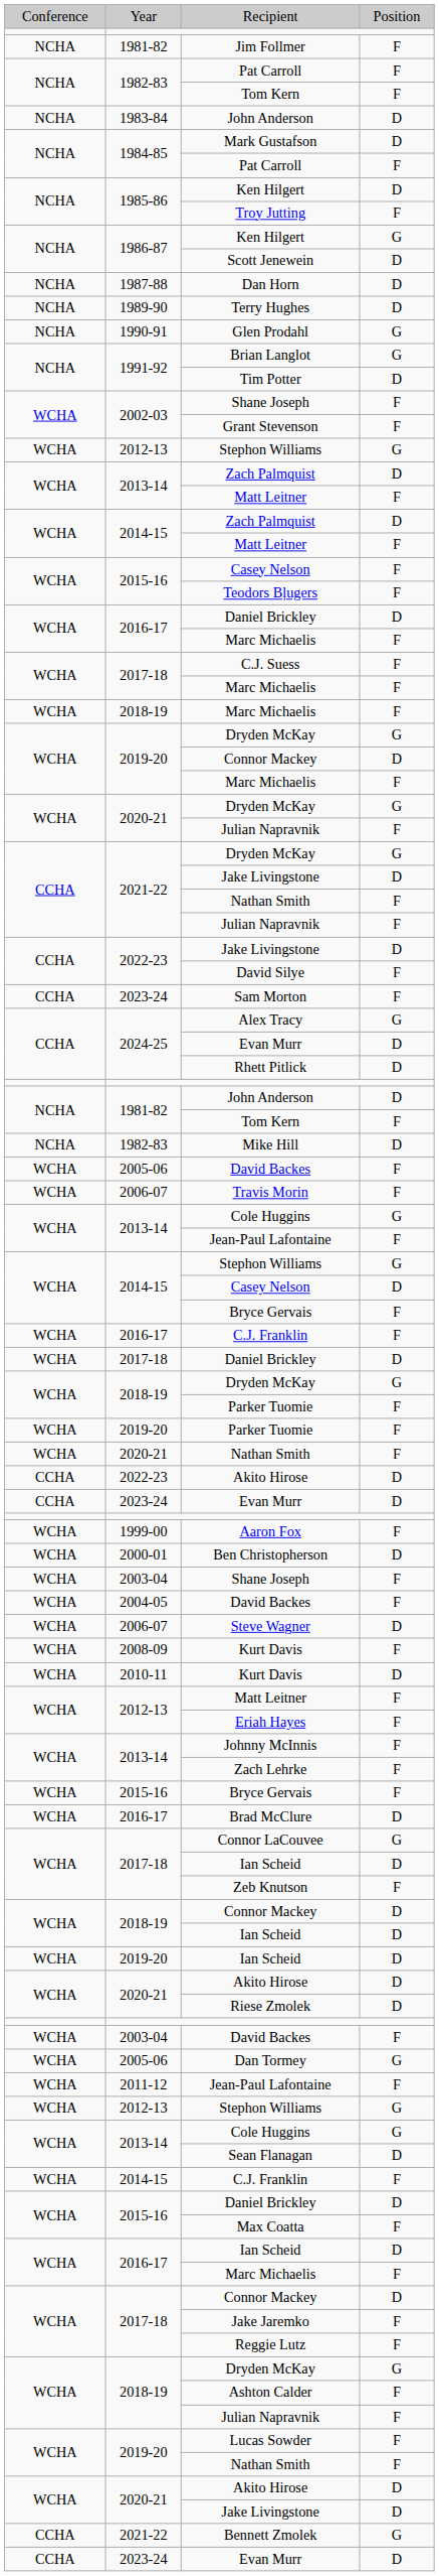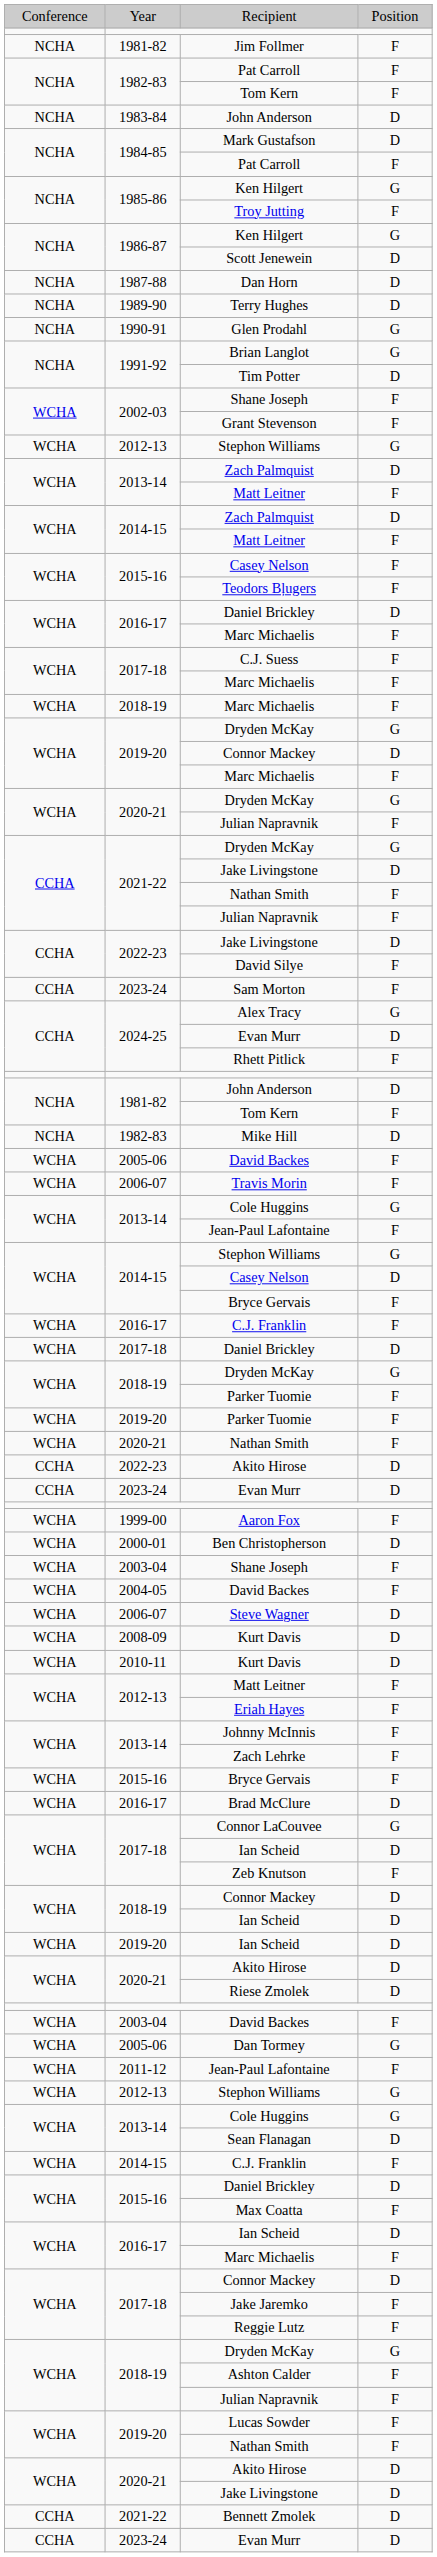 <table class="wikitable"; style="text-align:center; font-size: 95%; width:30em">
 <tr>
 <td style="background:#cccccc;">Conference</td>
 <td style="background:#cccccc;">Year</td>
 <td style="background:#cccccc;">Recipient</td>
 <td style="background:#cccccc;">Position</td>
 </tr>
 <tr>
 <td></td>
 </tr>
 <tr>
 <td>NCHA</td>
 <td>1981-82</td>
 <td>Jim Follmer</td>
 <td>F</td>
 </tr>
 <tr>
 <td rowspan="2">NCHA</td>
 <td rowspan="2">1982-83</td>
 <td>Pat Carroll</td>
 <td>F</td>
 </tr>
 <tr>
 <td>Tom Kern</td>
 <td>F</td>
 </tr>
 <tr>
 <td>NCHA</td>
 <td>1983-84</td>
 <td>John Anderson</td>
 <td>D</td>
 </tr>
 <tr>
 <td rowspan="2">NCHA</td>
 <td rowspan="2">1984-85</td>
 <td>Mark Gustafson</td>
 <td>D</td>
 </tr>
 <tr>
 <td>Pat Carroll</td>
 <td>F</td>
 </tr>
 <tr>
 <td rowspan="2">NCHA</td>
 <td rowspan="2">1985-86</td>
 <td>Ken Hilgert</td>
-<td>D</td>
+<td>G</td>
 </tr>
 <tr>
 <td><a href='#'>Troy Jutting</a></td>
 <td>F</td>
 </tr>
 <tr>
 <td rowspan="2">NCHA</td>
 <td rowspan="2">1986-87</td>
 <td>Ken Hilgert</td>
 <td>G</td>
 </tr>
 <tr>
 <td>Scott Jenewein</td>
 <td>D</td>
 </tr>
 <tr>
 <td>NCHA</td>
 <td>1987-88</td>
 <td>Dan Horn</td>
 <td>D</td>
 </tr>
 <tr>
 <td>NCHA</td>
 <td>1989-90</td>
 <td>Terry Hughes</td>
 <td>D</td>
 </tr>
 <tr>
 <td>NCHA</td>
 <td>1990-91</td>
 <td>Glen Prodahl</td>
 <td>G</td>
 </tr>
 <tr>
 <td rowspan="2">NCHA</td>
 <td rowspan="2">1991-92</td>
 <td>Brian Langlot</td>
 <td>G</td>
 </tr>
 <tr>
 <td>Tim Potter</td>
 <td>D</td>
 </tr>
 <tr>
 <td rowspan="2"><a href='#'>WCHA</a></td>
 <td rowspan="2">2002-03</td>
 <td>Shane Joseph</td>
 <td>F</td>
 </tr>
 <tr>
 <td>Grant Stevenson</td>
 <td>F</td>
 </tr>
 <tr>
 <td>WCHA</td>
 <td>2012-13</td>
 <td>Stephon Williams</td>
 <td>G</td>
 </tr>
 <tr>
 <td rowspan="2">WCHA</td>
 <td rowspan="2">2013-14</td>
 <td><a href='#'>Zach Palmquist</a></td>
 <td>D</td>
 </tr>
 <tr>
 <td><a href='#'>Matt Leitner</a></td>
 <td>F</td>
 </tr>
 <tr>
 <td rowspan="2">WCHA</td>
 <td rowspan="2">2014-15</td>
 <td><a href='#'>Zach Palmquist</a></td>
 <td>D</td>
 </tr>
 <tr>
 <td><a href='#'>Matt Leitner</a></td>
 <td>F</td>
 </tr>
 <tr>
 <td rowspan="2">WCHA</td>
 <td rowspan="2">2015-16</td>
 <td><a href='#'>Casey Nelson</a></td>
 <td>F</td>
 </tr>
 <tr>
 <td><a href='#'>Teodors Bļugers</a></td>
 <td>F</td>
 </tr>
 <tr>
 <td rowspan="2">WCHA</td>
 <td rowspan="2">2016-17</td>
 <td>Daniel Brickley</td>
 <td>D</td>
 </tr>
 <tr>
 <td>Marc Michaelis</td>
 <td>F</td>
 </tr>
 <tr>
 <td rowspan="2">WCHA</td>
 <td rowspan="2">2017-18</td>
 <td>C.J. Suess</td>
 <td>F</td>
 </tr>
 <tr>
 <td>Marc Michaelis</td>
 <td>F</td>
 </tr>
 <tr>
 <td>WCHA</td>
 <td>2018-19</td>
 <td>Marc Michaelis</td>
 <td>F</td>
 </tr>
 <tr>
 <td rowspan="3">WCHA</td>
 <td rowspan="3">2019-20</td>
 <td>Dryden McKay</td>
 <td>G</td>
 </tr>
 <tr>
 <td>Connor Mackey</td>
 <td>D</td>
 </tr>
 <tr>
 <td>Marc Michaelis</td>
 <td>F</td>
 </tr>
 <tr>
 <td rowspan="2">WCHA</td>
 <td rowspan="2">2020-21</td>
 <td>Dryden McKay</td>
 <td>G</td>
 </tr>
 <tr>
 <td>Julian Napravnik</td>
 <td>F</td>
 </tr>
 <tr>
 <td rowspan="4"><a href='#'>CCHA</a></td>
 <td rowspan="4">2021-22</td>
 <td>Dryden McKay</td>
 <td>G</td>
 </tr>
 <tr>
 <td>Jake Livingstone</td>
 <td>D</td>
 </tr>
 <tr>
 <td>Nathan Smith</td>
 <td>F</td>
 </tr>
 <tr>
 <td>Julian Napravnik</td>
 <td>F</td>
 </tr>
 <tr>
 <td rowspan="2">CCHA</td>
 <td rowspan="2">2022-23</td>
 <td>Jake Livingstone</td>
 <td>D</td>
 </tr>
 <tr>
 <td>David Silye</td>
 <td>F</td>
 </tr>
 <tr>
 <td>CCHA</td>
 <td>2023-24</td>
 <td>Sam Morton</td>
 <td>F</td>
 </tr>
 <tr>
 <td rowspan="3">CCHA</td>
 <td rowspan="3">2024-25</td>
 <td>Alex Tracy</td>
 <td>G</td>
 </tr>
 <tr>
 <td>Evan Murr</td>
 <td>D</td>
 </tr>
 <tr>
 <td>Rhett Pitlick</td>
-<td>D</td>
+<td>F</td>
 </tr>
 <tr>
 <td></td>
 </tr>
 <tr>
 <td rowspan="2">NCHA</td>
 <td rowspan="2">1981-82</td>
 <td>John Anderson</td>
 <td>D</td>
 </tr>
 <tr>
 <td>Tom Kern</td>
 <td>F</td>
 </tr>
 <tr>
 <td>NCHA</td>
 <td>1982-83</td>
 <td>Mike Hill</td>
 <td>D</td>
 </tr>
 <tr>
 <td>WCHA</td>
 <td>2005-06</td>
 <td><a href='#'>David Backes</a></td>
 <td>F</td>
 </tr>
 <tr>
 <td>WCHA</td>
 <td>2006-07</td>
 <td><a href='#'>Travis Morin</a></td>
 <td>F</td>
 </tr>
 <tr>
 <td rowspan="2">WCHA</td>
 <td rowspan="2">2013-14</td>
 <td>Cole Huggins</td>
 <td>G</td>
 </tr>
 <tr>
 <td>Jean-Paul Lafontaine</td>
 <td>F</td>
 </tr>
 <tr>
 <td rowspan="3">WCHA</td>
 <td rowspan="3">2014-15</td>
 <td>Stephon Williams</td>
 <td>G</td>
 </tr>
 <tr>
 <td><a href='#'>Casey Nelson</a></td>
 <td>D</td>
 </tr>
 <tr>
 <td>Bryce Gervais</td>
 <td>F</td>
 </tr>
 <tr>
 <td>WCHA</td>
 <td>2016-17</td>
 <td><a href='#'>C.J. Franklin</a></td>
 <td>F</td>
 </tr>
 <tr>
 <td>WCHA</td>
 <td>2017-18</td>
 <td>Daniel Brickley</td>
 <td>D</td>
 </tr>
 <tr>
 <td rowspan="2">WCHA</td>
 <td rowspan="2">2018-19</td>
 <td>Dryden McKay</td>
 <td>G</td>
 </tr>
 <tr>
 <td>Parker Tuomie</td>
 <td>F</td>
 </tr>
 <tr>
 <td>WCHA</td>
 <td>2019-20</td>
 <td>Parker Tuomie</td>
 <td>F</td>
 </tr>
 <tr>
 <td>WCHA</td>
 <td>2020-21</td>
 <td>Nathan Smith</td>
 <td>F</td>
 </tr>
 <tr>
 <td>CCHA</td>
 <td>2022-23</td>
 <td>Akito Hirose</td>
 <td>D</td>
 </tr>
 <tr>
 <td>CCHA</td>
 <td>2023-24</td>
 <td>Evan Murr</td>
 <td>D</td>
 </tr>
 <tr>
 <td></td>
 </tr>
 <tr>
 <td>WCHA</td>
 <td>1999-00</td>
 <td><a href='#'>Aaron Fox</a></td>
 <td>F</td>
 </tr>
 <tr>
 <td>WCHA</td>
 <td>2000-01</td>
 <td>Ben Christopherson</td>
 <td>D</td>
 </tr>
 <tr>
 <td>WCHA</td>
 <td>2003-04</td>
 <td>Shane Joseph</td>
 <td>F</td>
 </tr>
 <tr>
 <td>WCHA</td>
 <td>2004-05</td>
 <td>David Backes</td>
 <td>F</td>
 </tr>
 <tr>
 <td>WCHA</td>
 <td>2006-07</td>
 <td><a href='#'>Steve Wagner</a></td>
 <td>D</td>
 </tr>
 <tr>
 <td>WCHA</td>
 <td>2008-09</td>
 <td>Kurt Davis</td>
-<td>F</td>
+<td>D</td>
 </tr>
 <tr>
 <td>WCHA</td>
 <td>2010-11</td>
 <td>Kurt Davis</td>
 <td>D</td>
 </tr>
 <tr>
 <td rowspan="2">WCHA</td>
 <td rowspan="2">2012-13</td>
 <td>Matt Leitner</td>
 <td>F</td>
 </tr>
 <tr>
 <td><a href='#'>Eriah Hayes</a></td>
 <td>F</td>
 </tr>
 <tr>
 <td rowspan="2">WCHA</td>
 <td rowspan="2">2013-14</td>
 <td>Johnny McInnis</td>
 <td>F</td>
 </tr>
 <tr>
 <td>Zach Lehrke</td>
 <td>F</td>
 </tr>
 <tr>
 <td>WCHA</td>
 <td>2015-16</td>
 <td>Bryce Gervais</td>
 <td>F</td>
 </tr>
 <tr>
 <td>WCHA</td>
 <td>2016-17</td>
 <td>Brad McClure</td>
 <td>D</td>
 </tr>
 <tr>
 <td rowspan="3">WCHA</td>
 <td rowspan="3">2017-18</td>
 <td>Connor LaCouvee</td>
 <td>G</td>
 </tr>
 <tr>
 <td>Ian Scheid</td>
 <td>D</td>
 </tr>
 <tr>
 <td>Zeb Knutson</td>
 <td>F</td>
 </tr>
 <tr>
 <td rowspan="2">WCHA</td>
 <td rowspan="2">2018-19</td>
 <td>Connor Mackey</td>
 <td>D</td>
 </tr>
 <tr>
 <td>Ian Scheid</td>
 <td>D</td>
 </tr>
 <tr>
 <td>WCHA</td>
 <td>2019-20</td>
 <td>Ian Scheid</td>
 <td>D</td>
 </tr>
 <tr>
 <td rowspan="2">WCHA</td>
 <td rowspan="2">2020-21</td>
 <td>Akito Hirose</td>
 <td>D</td>
 </tr>
 <tr>
 <td>Riese  Zmolek</td>
 <td>D</td>
 </tr>
 <tr>
 <td></td>
 </tr>
 <tr>
 <td>WCHA</td>
 <td>2003-04</td>
 <td>David Backes</td>
 <td>F</td>
 </tr>
 <tr>
 <td>WCHA</td>
 <td>2005-06</td>
 <td>Dan Tormey</td>
 <td>G</td>
 </tr>
 <tr>
 <td>WCHA</td>
 <td>2011-12</td>
 <td>Jean-Paul Lafontaine</td>
 <td>F</td>
 </tr>
 <tr>
 <td>WCHA</td>
 <td>2012-13</td>
 <td>Stephon Williams</td>
 <td>G</td>
 </tr>
 <tr>
 <td rowspan="2">WCHA</td>
 <td rowspan="2">2013-14</td>
 <td>Cole Huggins</td>
 <td>G</td>
 </tr>
 <tr>
 <td>Sean Flanagan</td>
 <td>D</td>
 </tr>
 <tr>
 <td>WCHA</td>
 <td>2014-15</td>
 <td>C.J. Franklin</td>
 <td>F</td>
 </tr>
 <tr>
 <td rowspan="2">WCHA</td>
 <td rowspan="2">2015-16</td>
 <td>Daniel Brickley</td>
 <td>D</td>
 </tr>
 <tr>
 <td>Max Coatta</td>
 <td>F</td>
 </tr>
 <tr>
 <td rowspan="2">WCHA</td>
 <td rowspan="2">2016-17</td>
 <td>Ian Scheid</td>
 <td>D</td>
 </tr>
 <tr>
 <td>Marc Michaelis</td>
 <td>F</td>
 </tr>
 <tr>
 <td rowspan="3">WCHA</td>
 <td rowspan="3">2017-18</td>
 <td>Connor Mackey</td>
 <td>D</td>
 </tr>
 <tr>
 <td>Jake Jaremko</td>
 <td>F</td>
 </tr>
 <tr>
 <td>Reggie Lutz</td>
 <td>F</td>
 </tr>
 <tr>
 <td rowspan="3">WCHA</td>
 <td rowspan="3">2018-19</td>
 <td>Dryden McKay</td>
 <td>G</td>
 </tr>
 <tr>
 <td>Ashton Calder</td>
 <td>F</td>
 </tr>
 <tr>
 <td>Julian Napravnik</td>
 <td>F</td>
 </tr>
 <tr>
 <td rowspan="2">WCHA</td>
 <td rowspan="2">2019-20</td>
 <td>Lucas Sowder</td>
 <td>F</td>
 </tr>
 <tr>
 <td>Nathan Smith</td>
 <td>F</td>
 </tr>
 <tr>
 <td rowspan="2">WCHA</td>
 <td rowspan="2">2020-21</td>
 <td>Akito Hirose</td>
 <td>D</td>
 </tr>
 <tr>
 <td>Jake Livingstone</td>
 <td>D</td>
 </tr>
 <tr>
 <td>CCHA</td>
 <td>2021-22</td>
 <td>Bennett Zmolek</td>
-<td>G</td>
+<td>D</td>
 </tr>
 <tr>
 <td>CCHA</td>
 <td>2023-24</td>
 <td>Evan Murr</td>
 <td>D</td>
 </tr>
 </table>
